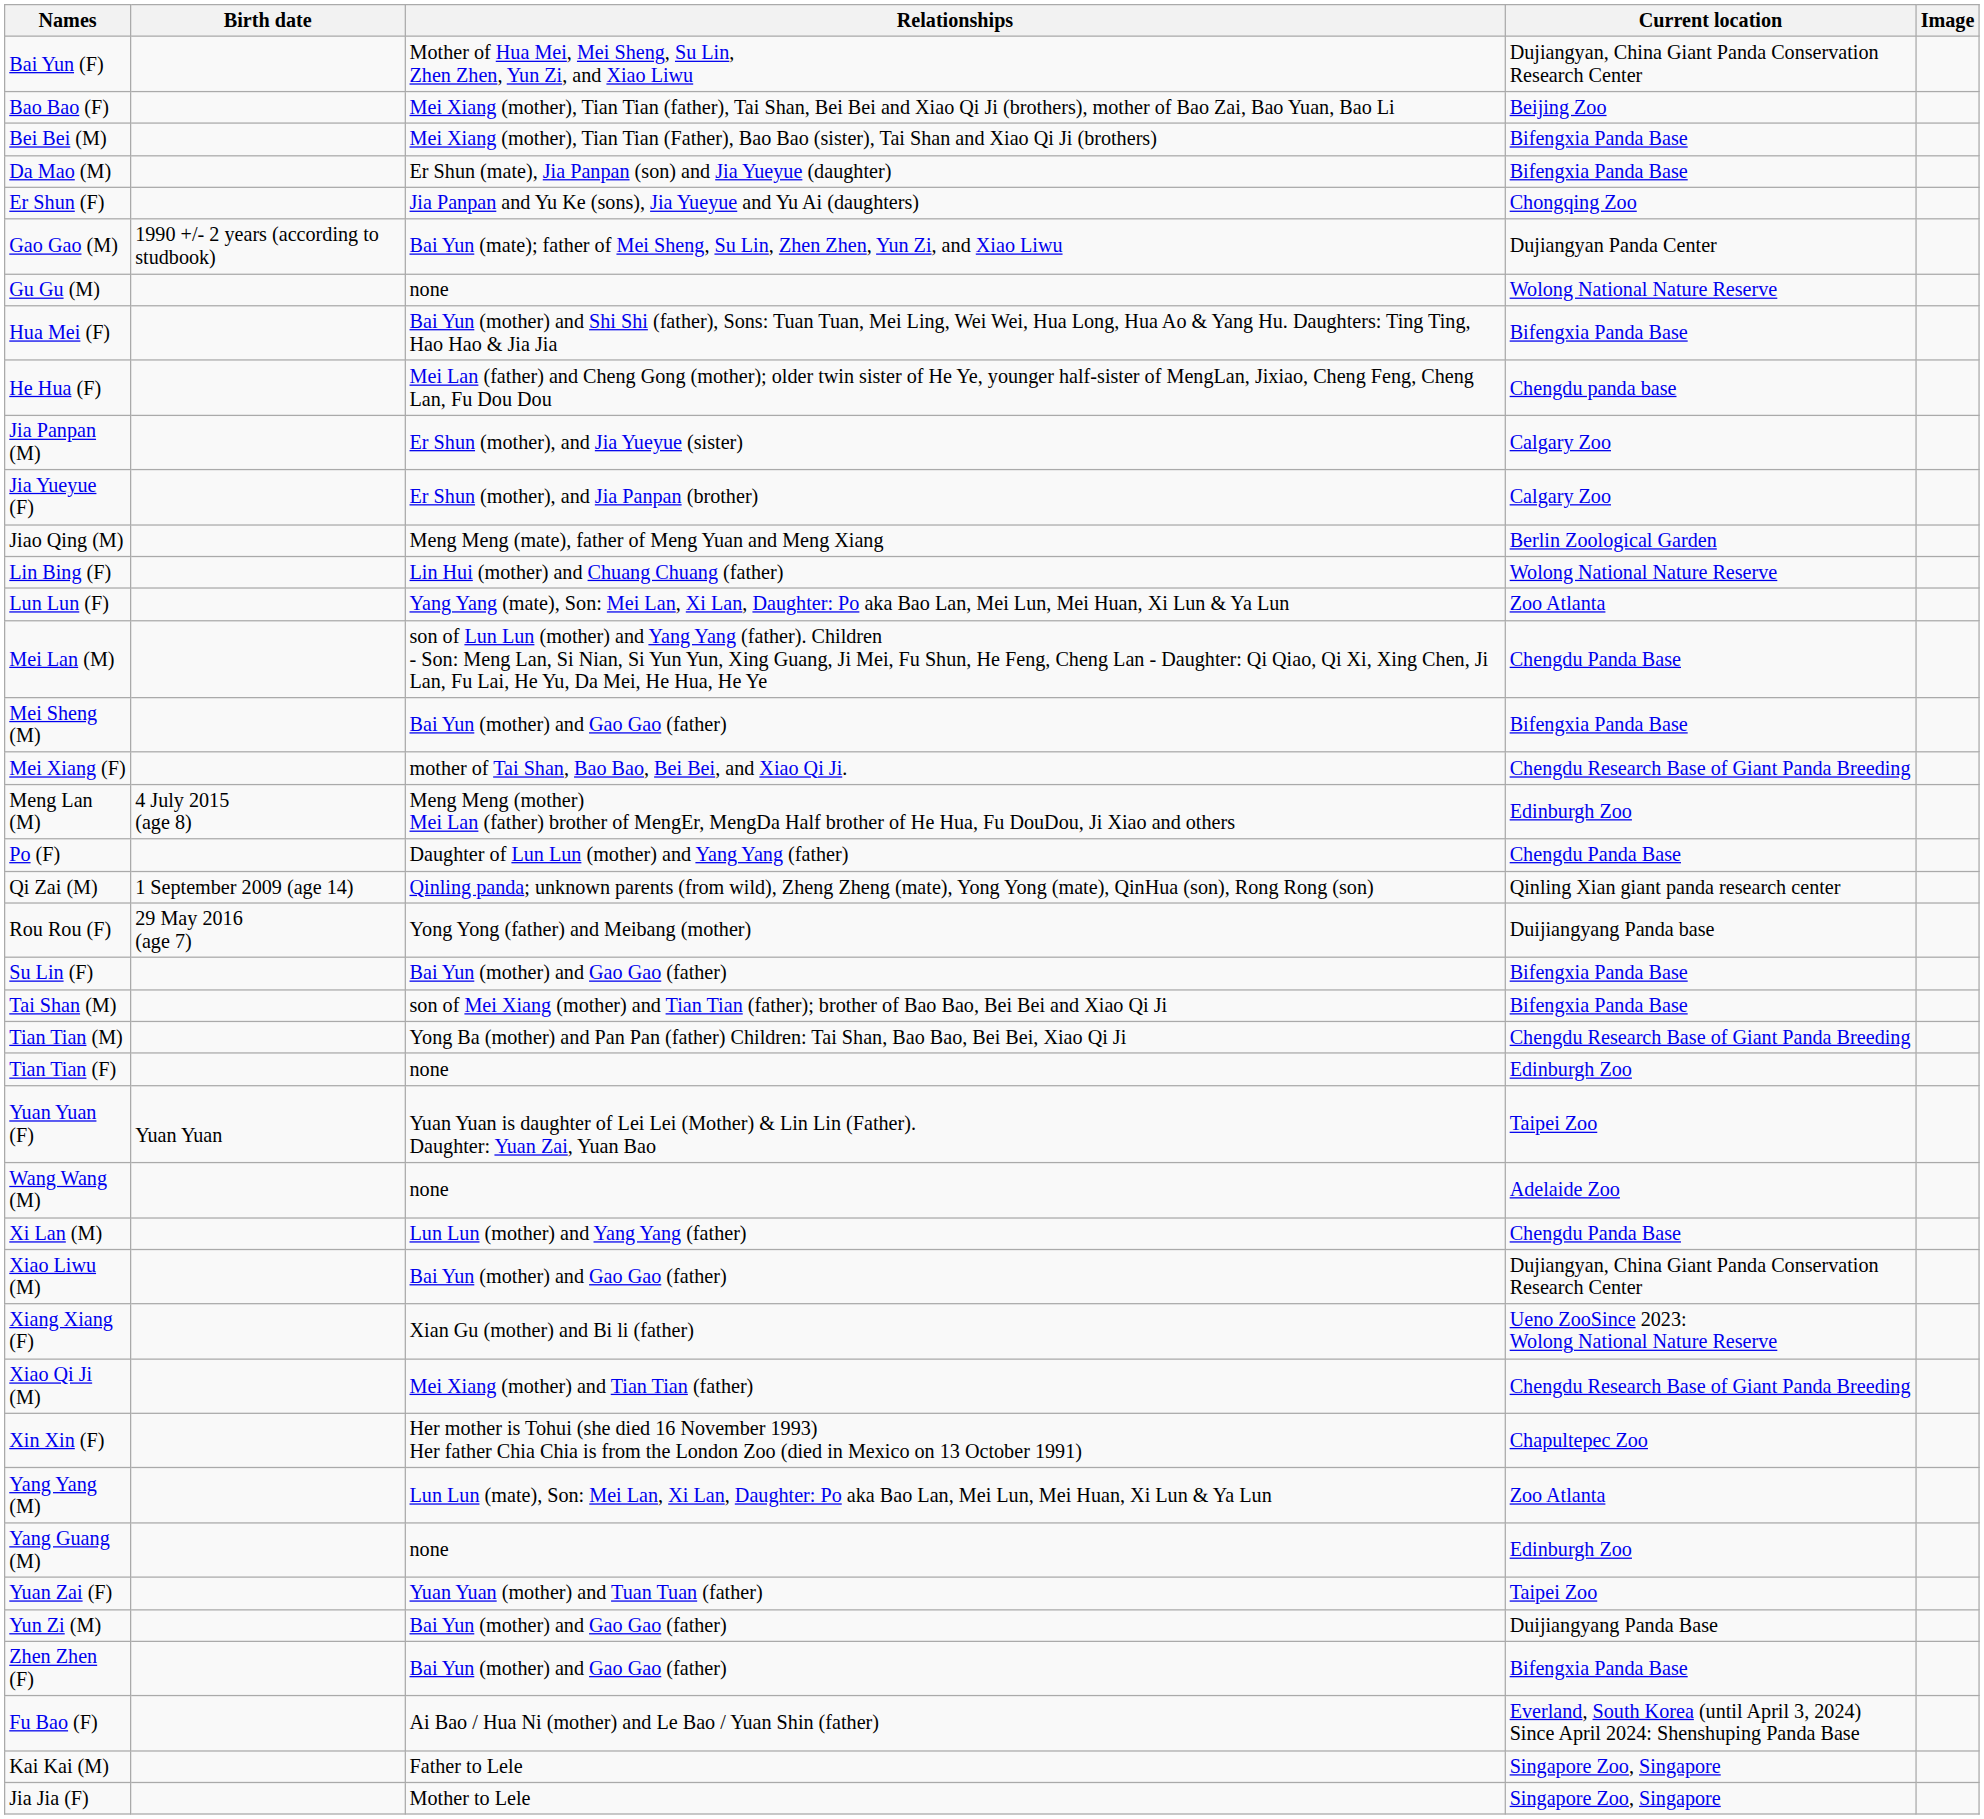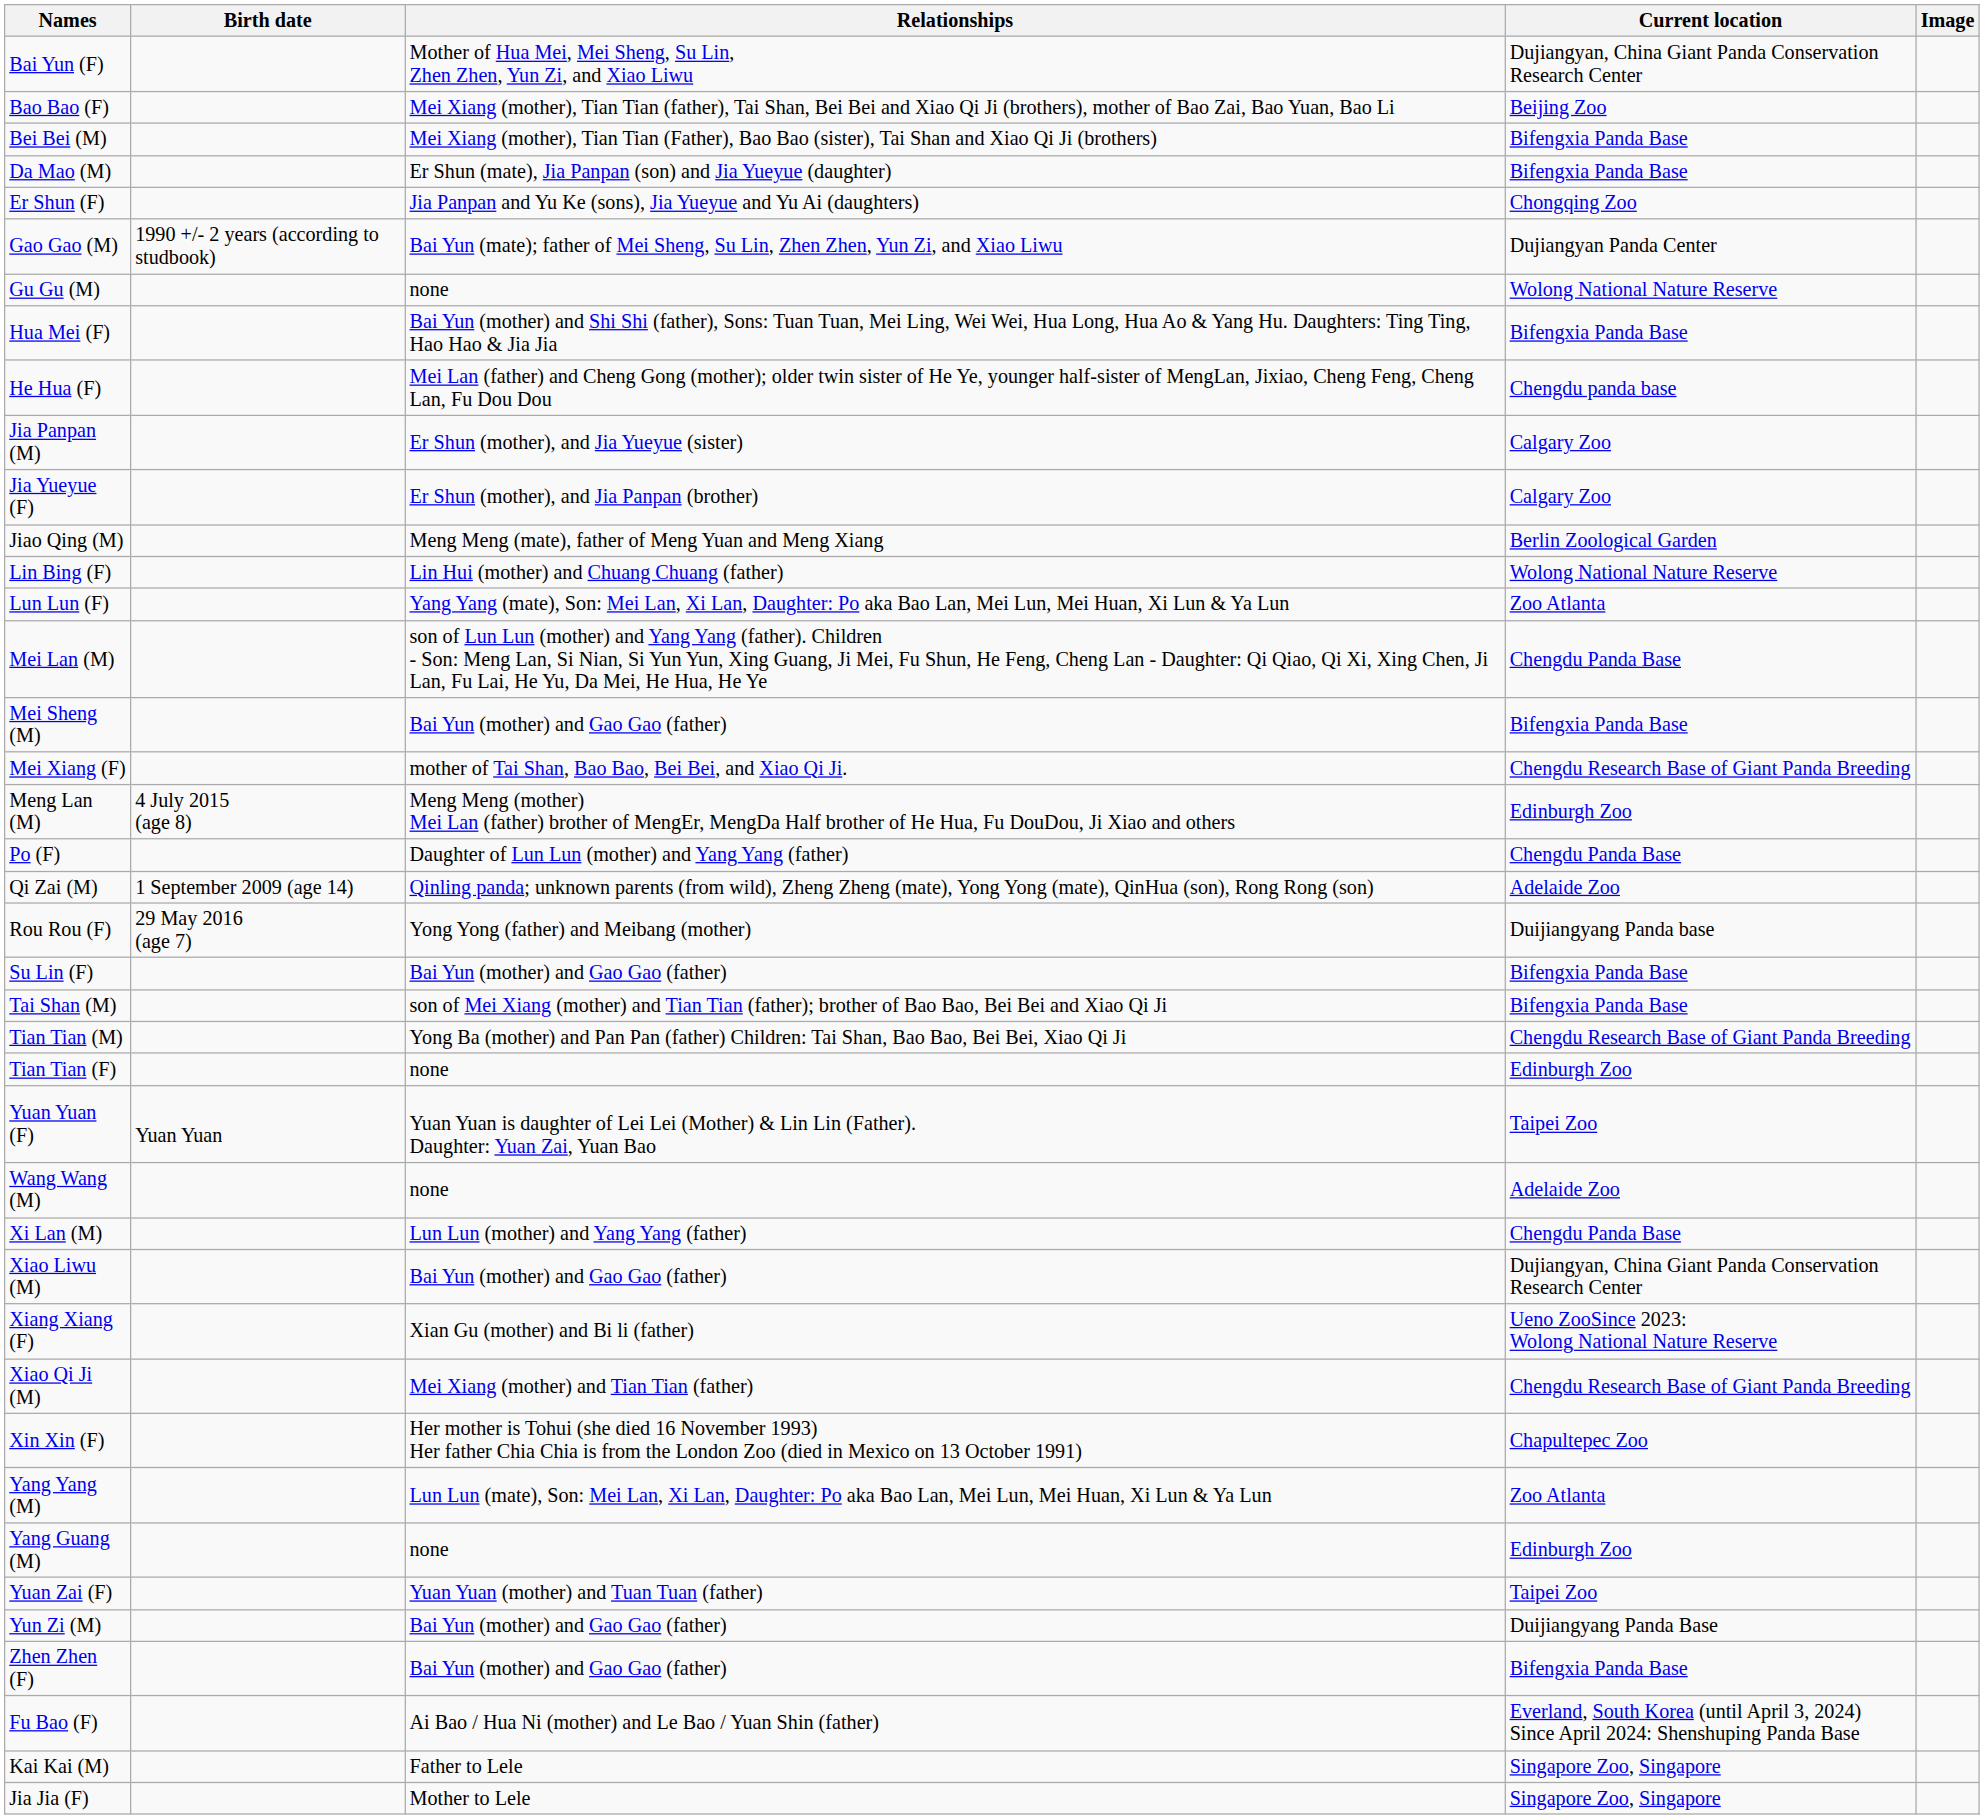 <table class="wikitable">
 <tr>
 <th>Names</th>
 <th>Birth date</th>
 <th>Relationships</th>
 <th>Current location</th>
 <th>Image</th>
 </tr>
 <tr>
 <td><a href='#'>Bai Yun</a> (F)</td>
 <td></td>
 <td>Mother of <a href='#'>Hua Mei</a>, <a href='#'>Mei Sheng</a>, <a href='#'>Su Lin</a>, <br> <a href='#'>Zhen Zhen</a>, <a href='#'>Yun Zi</a>, and <a href='#'>Xiao Liwu</a></td>
 <td>Dujiangyan, China Giant Panda Conservation Research Center</td>
 <td></td>
 </tr>
 <tr>
 <td><a href='#'>Bao Bao</a> (F)</td>
 <td></td>
 <td><a href='#'>Mei Xiang</a> (mother), Tian Tian (father), Tai Shan, Bei Bei and Xiao Qi Ji (brothers), mother of Bao Zai, Bao Yuan, Bao Li</td>
 <td><a href='#'>Beijing Zoo</a></td>
 <td></td>
 </tr>
 <tr>
 <td><a href='#'>Bei Bei</a> (M)</td>
 <td></td>
 <td><a href='#'>Mei Xiang</a> (mother), Tian Tian (Father), Bao Bao (sister), Tai Shan and Xiao Qi Ji (brothers)</td>
 <td><a href='#'>Bifengxia Panda Base</a></td>
 <td></td>
 </tr>
 <tr>
 <td><a href='#'>Da Mao</a> (M)</td>
 <td></td>
 <td>Er Shun (mate), <a href='#'>Jia Panpan</a> (son) and <a href='#'>Jia Yueyue</a> (daughter)</td>
 <td><a href='#'>Bifengxia Panda Base</a></td>
 <td></td>
 </tr>
 <tr>
 <td><a href='#'>Er Shun</a> (F)</td>
 <td></td>
 <td><a href='#'>Jia Panpan</a> and Yu Ke (sons), <a href='#'>Jia Yueyue</a> and Yu Ai (daughters)</td>
 <td><a href='#'>Chongqing Zoo</a></td>
 <td></td>
 </tr>
 <tr>
 <td><a href='#'>Gao Gao</a> (M)</td>
 <td>1990 +/- 2 years (according to studbook)</td>
 <td><a href='#'>Bai Yun</a> (mate); father of <a href='#'>Mei Sheng</a>, <a href='#'>Su Lin</a>, <a href='#'>Zhen Zhen</a>, <a href='#'>Yun Zi</a>, and <a href='#'>Xiao Liwu</a></td>
 <td>Dujiangyan Panda Center</td>
 <td></td>
 </tr>
 <tr>
 <td><a href='#'>Gu Gu</a> (M)</td>
 <td></td>
 <td>none</td>
 <td><a href='#'>Wolong National Nature Reserve</a></td>
 <td></td>
 </tr>
 <tr>
 <td><a href='#'>Hua Mei</a> (F)</td>
 <td></td>
 <td><a href='#'>Bai Yun</a> (mother) and <a href='#'>Shi Shi</a> (father), Sons: Tuan Tuan, Mei Ling, Wei Wei, Hua Long, Hua Ao & Yang Hu. Daughters: Ting Ting, Hao Hao & Jia Jia</td>
 <td><a href='#'>Bifengxia Panda Base</a></td>
 <td></td>
 </tr>
 <tr>
 <td><a href='#'>He Hua</a> (F)</td>
 <td></td>
 <td><a href='#'>Mei Lan</a> (father) and Cheng Gong (mother); older twin sister of He Ye, younger half-sister of MengLan, Jixiao, Cheng Feng, Cheng Lan, Fu Dou Dou</td>
 <td><a href='#'>Chengdu panda base</a></td>
 <td></td>
 </tr>
 <tr>
 <td><a href='#'>Jia Panpan</a> (M)</td>
 <td></td>
 <td><a href='#'>Er Shun</a> (mother), and <a href='#'>Jia Yueyue</a> (sister)</td>
 <td><a href='#'>Calgary Zoo</a></td>
 <td></td>
 </tr>
 <tr>
 <td><a href='#'>Jia Yueyue</a> (F)</td>
 <td></td>
 <td><a href='#'>Er Shun</a> (mother), and <a href='#'>Jia Panpan</a> (brother)</td>
 <td><a href='#'>Calgary Zoo</a></td>
 <td></td>
 </tr>
 <tr>
 <td>Jiao Qing (M)</td>
 <td></td>
 <td>Meng Meng (mate), father of Meng Yuan and Meng Xiang</td>
 <td><a href='#'>Berlin Zoological Garden</a></td>
 <td></td>
 </tr>
 <tr>
 <td><a href='#'>Lin Bing</a> (F)</td>
 <td></td>
 <td><a href='#'>Lin Hui</a> (mother) and <a href='#'>Chuang Chuang</a> (father)</td>
 <td><a href='#'>Wolong National Nature Reserve</a></td>
 <td></td>
 </tr>
 <tr>
 <td><a href='#'>Lun Lun</a> (F)</td>
 <td></td>
 <td><a href='#'>Yang Yang</a> (mate), Son: <a href='#'>Mei Lan</a>, <a href='#'>Xi Lan</a>, <a href='#'>Daughter: Po</a> aka Bao Lan, Mei Lun, Mei Huan, Xi Lun & Ya Lun</td>
 <td><a href='#'>Zoo Atlanta</a></td>
 <td></td>
 </tr>
 <tr>
 <td><a href='#'>Mei Lan</a> (M)</td>
 <td></td>
 <td>son of <a href='#'>Lun Lun</a> (mother) and <a href='#'>Yang Yang</a> (father). Children<br>- Son:  Meng Lan, Si Nian, Si Yun Yun, Xing Guang, Ji Mei, Fu Shun, He Feng, Cheng Lan - Daughter:  Qi Qiao, Qi Xi, Xing Chen, Ji Lan, Fu Lai, He Yu, Da Mei, He Hua, He Ye</td>
 <td><a href='#'>Chengdu Panda Base</a></td>
 <td></td>
 </tr>
 <tr>
 <td><a href='#'>Mei Sheng</a> (M)</td>
 <td></td>
 <td><a href='#'>Bai Yun</a> (mother) and <a href='#'>Gao Gao</a> (father)</td>
 <td><a href='#'>Bifengxia Panda Base</a></td>
 <td></td>
 </tr>
 <tr>
 <td><a href='#'>Mei Xiang</a> (F)</td>
 <td></td>
 <td>mother of <a href='#'>Tai Shan</a>, <a href='#'>Bao Bao</a>, <a href='#'>Bei Bei</a>, and <a href='#'>Xiao Qi Ji</a>.</td>
 <td><a href='#'>Chengdu Research Base of Giant Panda Breeding</a></td>
 <td></td>
 </tr>
 <tr>
 <td>Meng Lan (M)</td>
 <td>4 July 2015<br>(age 8)</td>
 <td>Meng Meng (mother)<br><a href='#'>Mei Lan</a> (father) brother of MengEr, MengDa Half brother of He Hua, Fu DouDou, Ji Xiao and others</td>
 <td><a href='#'>Edinburgh Zoo</a></td>
 <td></td>
 </tr>
 <tr>
 <td><a href='#'>Po</a> (F)</td>
 <td></td>
 <td>Daughter of <a href='#'>Lun Lun</a> (mother) and <a href='#'>Yang Yang</a> (father)</td>
 <td><a href='#'>Chengdu Panda Base</a></td>
 <td></td>
 </tr>
 <tr>
 <td>Qi Zai (M)</td>
 <td>1 September 2009 (age 14)</td>
 <td><a href='#'>Qinling panda</a>; unknown parents (from wild), Zheng Zheng (mate), Yong Yong (mate), QinHua (son), Rong Rong (son)</td>
-<td>Qinling Xian giant panda research center</td>
+<td><a href='#'>Adelaide Zoo</a></td>
 <td></td>
 </tr>
 <tr>
 <td>Rou Rou (F)</td>
 <td>29 May 2016<br>(age 7)</td>
 <td>Yong Yong (father) and Meibang (mother)</td>
 <td>Duijiangyang Panda base</td>
 <td></td>
 </tr>
 <tr>
 <td><a href='#'>Su Lin</a> (F)</td>
 <td></td>
 <td><a href='#'>Bai Yun</a> (mother) and <a href='#'>Gao Gao</a> (father)</td>
 <td><a href='#'>Bifengxia Panda Base</a></td>
 <td></td>
 </tr>
 <tr>
 <td><a href='#'>Tai Shan</a> (M)</td>
 <td></td>
 <td>son of <a href='#'>Mei Xiang</a> (mother) and <a href='#'>Tian Tian</a> (father); brother of Bao Bao, Bei Bei and Xiao Qi Ji</td>
 <td><a href='#'>Bifengxia Panda Base</a></td>
 <td></td>
 </tr>
 <tr>
 <td><a href='#'>Tian Tian</a> (M)</td>
 <td></td>
 <td>Yong Ba (mother) and Pan Pan (father) Children: Tai Shan, Bao Bao, Bei Bei, Xiao Qi Ji</td>
 <td><a href='#'>Chengdu Research Base of Giant Panda Breeding</a></td>
 <td></td>
 </tr>
 <tr>
 <td><a href='#'>Tian Tian</a> (F)</td>
 <td></td>
 <td>none</td>
 <td><a href='#'>Edinburgh Zoo</a></td>
 <td></td>
 </tr>
 <tr>
 <td><a href='#'>Yuan Yuan</a> (F)</td>
 <td><br> Yuan Yuan </td>
 <td><br>Yuan Yuan is daughter of Lei Lei (Mother) & Lin Lin (Father).<br>Daughter: <a href='#'>Yuan Zai</a>, Yuan Bao</td>
 <td><a href='#'>Taipei Zoo</a></td>
 <td></td>
 </tr>
 <tr>
 <td><a href='#'>Wang Wang</a> (M)</td>
 <td></td>
 <td>none</td>
 <td><a href='#'>Adelaide Zoo</a></td>
 <td></td>
 </tr>
 <tr>
 <td><a href='#'>Xi Lan</a> (M)</td>
 <td></td>
 <td><a href='#'>Lun Lun</a> (mother) and <a href='#'>Yang Yang</a> (father)</td>
 <td><a href='#'>Chengdu Panda Base</a></td>
 </tr>
 <tr>
 <td><a href='#'>Xiao Liwu</a> (M)</td>
 <td></td>
 <td><a href='#'>Bai Yun</a> (mother) and <a href='#'>Gao Gao</a> (father)</td>
 <td>Dujiangyan, China Giant Panda Conservation Research Center</td>
 <td></td>
 </tr>
 <tr>
 <td><a href='#'>Xiang Xiang</a> (F)</td>
 <td></td>
 <td>Xian Gu (mother) and Bi li (father)</td>
 <td><a href='#'>Ueno ZooSince</a> 2023:<br><a href='#'>Wolong National Nature Reserve</a></td>
 <td></td>
 </tr>
 <tr>
 <td><a href='#'>Xiao Qi Ji</a> (M)</td>
 <td></td>
 <td><a href='#'>Mei Xiang</a> (mother) and <a href='#'>Tian Tian</a> (father)</td>
 <td><a href='#'>Chengdu Research Base of Giant Panda Breeding</a></td>
 <td></td>
 </tr>
 <tr>
 <td><a href='#'>Xin Xin</a> (F)</td>
 <td></td>
 <td>Her mother is Tohui (she died 16 November 1993) <br>Her father Chia Chia is from the London Zoo (died in Mexico on 13 October 1991)</td>
 <td><a href='#'>Chapultepec Zoo</a></td>
 <td></td>
 </tr>
 <tr>
 <td><a href='#'>Yang Yang</a> (M)</td>
 <td></td>
 <td><a href='#'>Lun Lun</a> (mate), Son: <a href='#'>Mei Lan</a>, <a href='#'>Xi Lan</a>, <a href='#'>Daughter: Po</a> aka Bao Lan, Mei Lun, Mei Huan, Xi Lun & Ya Lun</td>
 <td><a href='#'>Zoo Atlanta</a></td>
 <td></td>
 </tr>
 <tr>
 <td><a href='#'>Yang Guang</a> (M)</td>
 <td></td>
 <td>none</td>
 <td><a href='#'>Edinburgh Zoo</a></td>
 <td></td>
 </tr>
 <tr>
 <td><a href='#'>Yuan Zai</a> (F)</td>
 <td></td>
 <td><a href='#'>Yuan Yuan</a> (mother) and <a href='#'>Tuan Tuan</a> (father)</td>
 <td><a href='#'>Taipei Zoo</a></td>
 <td></td>
 </tr>
 <tr>
 <td><a href='#'>Yun Zi</a> (M)</td>
 <td></td>
 <td><a href='#'>Bai Yun</a> (mother) and <a href='#'>Gao Gao</a> (father)</td>
 <td>Duijiangyang Panda Base</td>
 <td></td>
 </tr>
 <tr>
 <td><a href='#'>Zhen Zhen</a> (F)</td>
 <td></td>
 <td><a href='#'>Bai Yun</a> (mother) and <a href='#'>Gao Gao</a> (father)</td>
 <td><a href='#'>Bifengxia Panda Base</a></td>
 <td></td>
 </tr>
 <tr>
 <td><a href='#'>Fu Bao</a> (F)</td>
 <td></td>
 <td>Ai Bao / Hua Ni (mother) and Le Bao / Yuan Shin (father)</td>
 <td><a href='#'>Everland</a>, <a href='#'>South Korea</a> (until April 3, 2024) <br>Since April 2024: Shenshuping Panda Base</td>
 <td></td>
 </tr>
 <tr>
 <td>Kai Kai (M)</td>
 <td></td>
 <td>Father to Lele</td>
 <td><a href='#'>Singapore Zoo</a>, <a href='#'>Singapore</a></td>
 <td></td>
 </tr>
 <tr>
 <td>Jia Jia (F)</td>
 <td></td>
 <td>Mother to Lele</td>
 <td><a href='#'>Singapore Zoo</a>, <a href='#'>Singapore</a></td>
 <td></td>
 </tr>
 </table>
